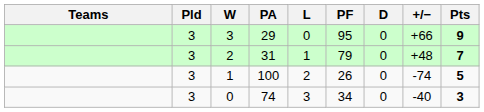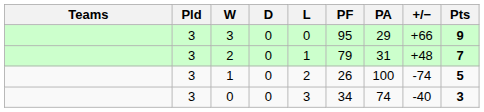 <table class="wikitable" style="text-align: center;">
 <tr>
 <th width="200">Teams</th>
 <th width="40">Pld</th>
 <th width="40">W</th>
-<th width="40">PA</th>
+<th width="40">D</th>
 <th width="40">L</th>
 <th width="40">PF</th>
-<th width="40">D</th>
+<th width="40">PA</th>
 <th width="40">+/−</th>
 <th width="40">Pts</th>
 </tr>
 <tr bgcolor=#ccffcc>
 <td align=left></td>
 <td>3</td>
 <td>3</td>
-<td>29</td>
+<td>0</td>
 <td>0</td>
 <td>95</td>
-<td>0</td>
+<td>29</td>
 <td>+66</td>
 <td><strong>9</strong></td>
 </tr>
 <tr bgcolor=#ccffcc>
 <td align=left></td>
 <td>3</td>
 <td>2</td>
-<td>31</td>
+<td>0</td>
 <td>1</td>
 <td>79</td>
-<td>0</td>
+<td>31</td>
 <td>+48</td>
 <td><strong>7</strong></td>
 </tr>
 <tr>
 <td align=left></td>
 <td>3</td>
 <td>1</td>
-<td>100</td>
+<td>0</td>
 <td>2</td>
 <td>26</td>
-<td>0</td>
+<td>100</td>
 <td>-74</td>
 <td><strong>5</strong></td>
 </tr>
 <tr>
 <td align=left></td>
 <td>3</td>
 <td>0</td>
-<td>74</td>
+<td>0</td>
 <td>3</td>
 <td>34</td>
-<td>0</td>
+<td>74</td>
 <td>-40</td>
 <td><strong>3</strong></td>
 </tr>
 </table>
